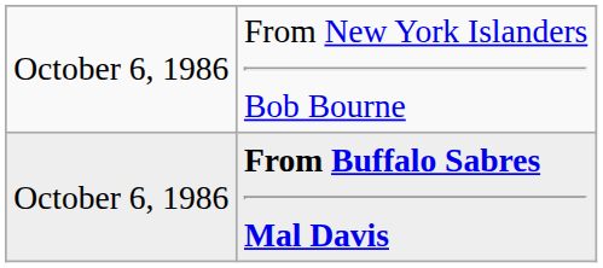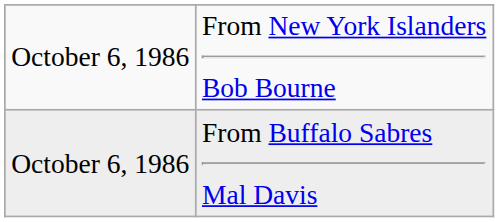 <table class="wikitable">
 <tr>
 <td>October 6, 1986</td>
 <td valign="top">From <a href='#'>New York Islanders</a><hr><a href='#'>Bob Bourne</a></td>
 </tr>
 <tr style="background:#eee;">
 <td>October 6, 1986</td>
-<td valign="top"><strong>From <a href='#'>Buffalo Sabres</a><hr><a href='#'>Mal Davis</a></strong></td>
+<td valign="top">From <a href='#'>Buffalo Sabres</a><hr><a href='#'>Mal Davis</a></td>
 </tr>
 </table>
